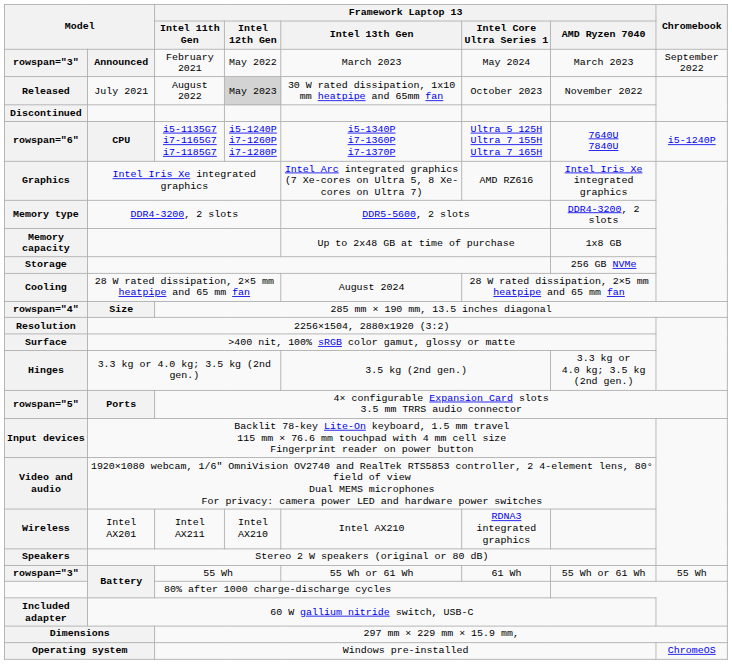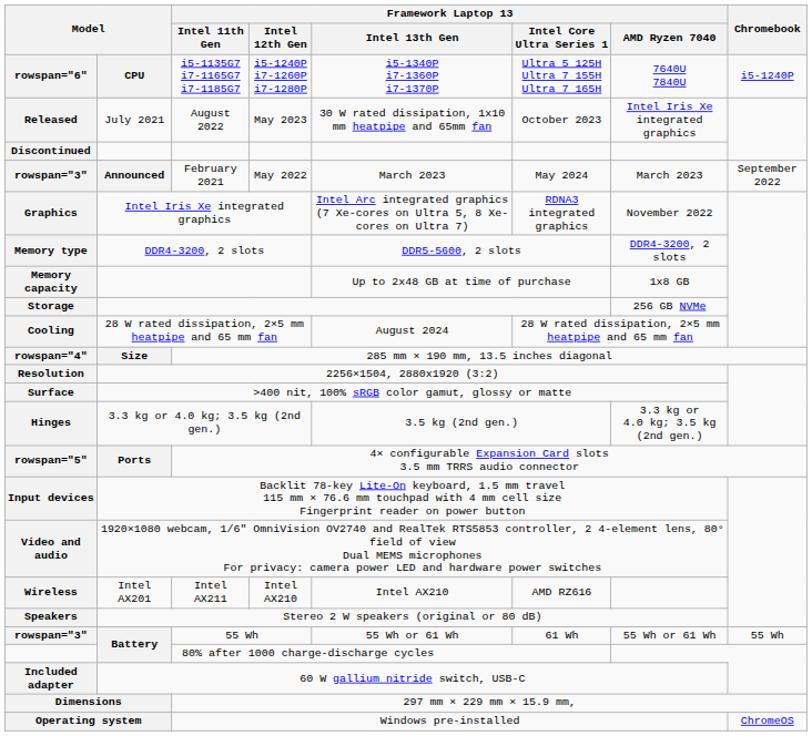 <table class="wikitable mw-collapsible" style="font-size:small; text-align:center">
 <tr>
 <th scope="col" colspan="2" rowspan="2">Model</th>
 <th colspan="5" scope="colgroup">Framework Laptop 13</th>
 <th scope="col" rowspan="2">Chromebook</th>
 </tr>
 <tr>
 <th scope="col">Intel 11th Gen</th>
 <th scope="col">Intel 12th Gen</th>
 <th scope="col">Intel 13th Gen</th>
 <th>Intel Core Ultra Series 1</th>
 <th scope="col">AMD Ryzen 7040</th>
 </tr>
 <tr>
-<th>rowspan="3" </th>
-<th>Announced</th>
-<td>February 2021</td>
-<td>May 2022</td>
-<td>March 2023</td>
-<td>May 2024</td>
-<td>March 2023</td>
-<td>September 2022</td>
+<th>rowspan="6" </th>
+<th>CPU</th>
+<td><a href='#'>i5-1135G7</a><br><a href='#'>i7-1165G7</a><br><a href='#'>i7-1185G7</a></td>
+<td><a href='#'>i5-1240P</a><br><a href='#'>i7-1260P</a><br><a href='#'>i7-1280P</a></td>
+<td><a href='#'>i5-1340P</a><br><a href='#'>i7-1360P</a><br><a href='#'>i7-1370P</a></td>
+<td><a href='#'>Ultra 5 125H</a><br><a href='#'>Ultra 7 155H</a><br><a href='#'>Ultra 7 165H</a></td>
+<td><a href='#'>7640U</a><br><a href='#'>7840U</a></td>
+<td><a href='#'>i5-1240P</a></td>
 </tr>
 <tr>
 <th>Released</th>
 <td>July 2021</td>
 <td>August 2022</td>
-<td style="background: lightgrey;">May 2023</td>
+<td>May 2023</td>
 <td>30 W rated dissipation, 1x10 mm <a href='#'>heatpipe</a> and 65mm <a href='#'>fan</a></td>
 <td>October 2023</td>
-<td>November 2022</td>
+<td><a href='#'>Intel Iris Xe</a> integrated graphics</td>
 </tr>
 <tr>
 <th>Discontinued</th>
 <td></td>
 <td></td>
 <td></td>
 <td></td>
 <td></td>
 <td></td>
 </tr>
 <tr>
-<th>rowspan="6" </th>
-<th>CPU</th>
-<td><a href='#'>i5-1135G7</a><br><a href='#'>i7-1165G7</a><br><a href='#'>i7-1185G7</a></td>
-<td><a href='#'>i5-1240P</a><br><a href='#'>i7-1260P</a><br><a href='#'>i7-1280P</a></td>
-<td><a href='#'>i5-1340P</a><br><a href='#'>i7-1360P</a><br><a href='#'>i7-1370P</a></td>
-<td><a href='#'>Ultra 5 125H</a><br><a href='#'>Ultra 7 155H</a><br><a href='#'>Ultra 7 165H</a></td>
-<td><a href='#'>7640U</a><br><a href='#'>7840U</a></td>
-<td><a href='#'>i5-1240P</a></td>
+<th>rowspan="3" </th>
+<th>Announced</th>
+<td>February 2021</td>
+<td>May 2022</td>
+<td>March 2023</td>
+<td>May 2024</td>
+<td>March 2023</td>
+<td>September 2022</td>
 </tr>
 <tr>
 <th>Graphics</th>
 <td colspan="3"><a href='#'>Intel Iris Xe</a> integrated graphics</td>
 <td><a href='#'>Intel Arc</a> integrated graphics (7 Xe-cores on Ultra 5, 8 Xe-cores on Ultra 7)</td>
-<td>AMD RZ616</td>
-<td><a href='#'>Intel Iris Xe</a> integrated graphics</td>
+<td><a href='#'>RDNA3</a> integrated graphics</td>
+<td>November 2022</td>
 </tr>
 <tr>
 <th>Memory type</th>
 <td colspan="3"><a href='#'>DDR4-3200</a>, 2 slots</td>
 <td colspan="2"><a href='#'>DDR5-5600</a>, 2 slots</td>
 <td><a href='#'>DDR4-3200</a>, 2 slots</td>
 </tr>
 <tr>
 <th>Memory capacity</th>
 <td colspan="3"></td>
 <td colspan="2">Up to 2x48 GB at time of purchase</td>
 <td>1x8 GB</td>
 </tr>
 <tr>
 <th>Storage</th>
 <td colspan="5"></td>
 <td>256 GB <a href='#'>NVMe</a></td>
 </tr>
 <tr>
 <th>Cooling</th>
 <td colspan="3">28 W rated dissipation, 2×5 mm <a href='#'>heatpipe</a> and 65 mm <a href='#'>fan</a></td>
 <td>August 2024</td>
 <td colspan="2">28 W rated dissipation, 2×5 mm <a href='#'>heatpipe</a> and 65 mm <a href='#'>fan</a></td>
 </tr>
 <tr>
 <th>rowspan="4" </th>
 <th>Size</th>
 <td colspan="6">285 mm × 190 mm, 13.5 inches diagonal</td>
 </tr>
 <tr>
 <th>Resolution</th>
 <td colspan="6">2256×1504, 2880x1920 (3:2)</td>
 </tr>
 <tr>
 <th>Surface</th>
 <td colspan="6">>400 nit, 100% <a href='#'>sRGB</a> color gamut, glossy or matte</td>
 </tr>
 <tr>
 <th>Hinges</th>
 <td colspan="3">3.3 kg or 4.0 kg; 3.5 kg (2nd gen.)</td>
 <td colspan="2">3.5 kg (2nd gen.)</td>
 <td>3.3 kg or 4.0 kg; 3.5 kg (2nd gen.)</td>
 </tr>
 <tr>
 <th>rowspan="5" </th>
 <th>Ports</th>
 <td colspan="6">4× configurable <a href='#'>Expansion Card</a> slots<br>3.5 mm TRRS audio connector</td>
 </tr>
 <tr>
 <th>Input devices</th>
 <td colspan="6">Backlit 78-key <a href='#'>Lite-On</a> keyboard, 1.5 mm travel<br>115 mm × 76.6 mm touchpad with 4 mm cell size<br>Fingerprint reader on power button</td>
 </tr>
 <tr>
 <th>Video and audio</th>
 <td colspan="6">1920×1080 webcam, 1/6" OmniVision OV2740 and RealTek RTS5853 controller, 2 4-element lens, 80° field of view<br>Dual MEMS microphones<br>For privacy: camera power LED and hardware power switches</td>
 </tr>
 <tr>
 <th>Wireless</th>
 <td>Intel AX201<br></td>
 <td>Intel AX211</td>
 <td>Intel AX210</td>
 <td>Intel AX210</td>
-<td><a href='#'>RDNA3</a> integrated graphics</td>
+<td>AMD RZ616</td>
 <td></td>
 </tr>
 <tr>
 <th>Speakers</th>
 <td colspan="6">Stereo 2 W speakers (original or 80 dB)</td>
 </tr>
 <tr>
 <th>rowspan="3" </th>
 <th rowspan="2">Battery</th>
 <td colspan="2">55 Wh</td>
 <td>55 Wh or 61 Wh</td>
 <td>61 Wh</td>
 <td>55 Wh or 61 Wh</td>
 <td>55 Wh</td>
 </tr>
 <tr>
 <td colspan="6">80% after 1000 charge-discharge cycles</td>
 </tr>
 <tr>
 <th>Included adapter</th>
 <td colspan="6">60 W <a href='#'>gallium nitride</a> switch, USB-C</td>
 </tr>
 <tr>
 <th colspan="2">Dimensions</th>
 <td colspan="6">297 mm × 229 mm × 15.9 mm, </td>
 </tr>
 <tr>
 <th colspan="2">Operating system</th>
 <td colspan="5">Windows pre-installed<br></td>
 <td><a href='#'>ChromeOS</a></td>
 </tr>
 </table>
